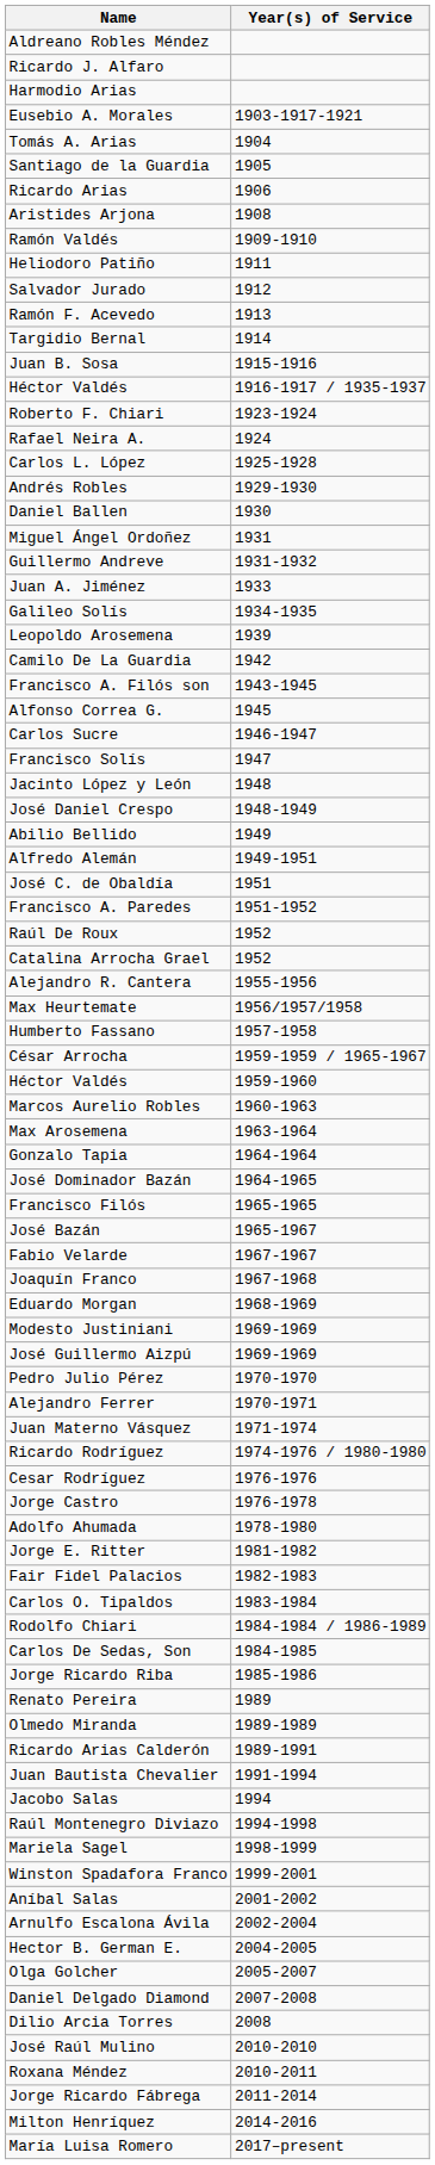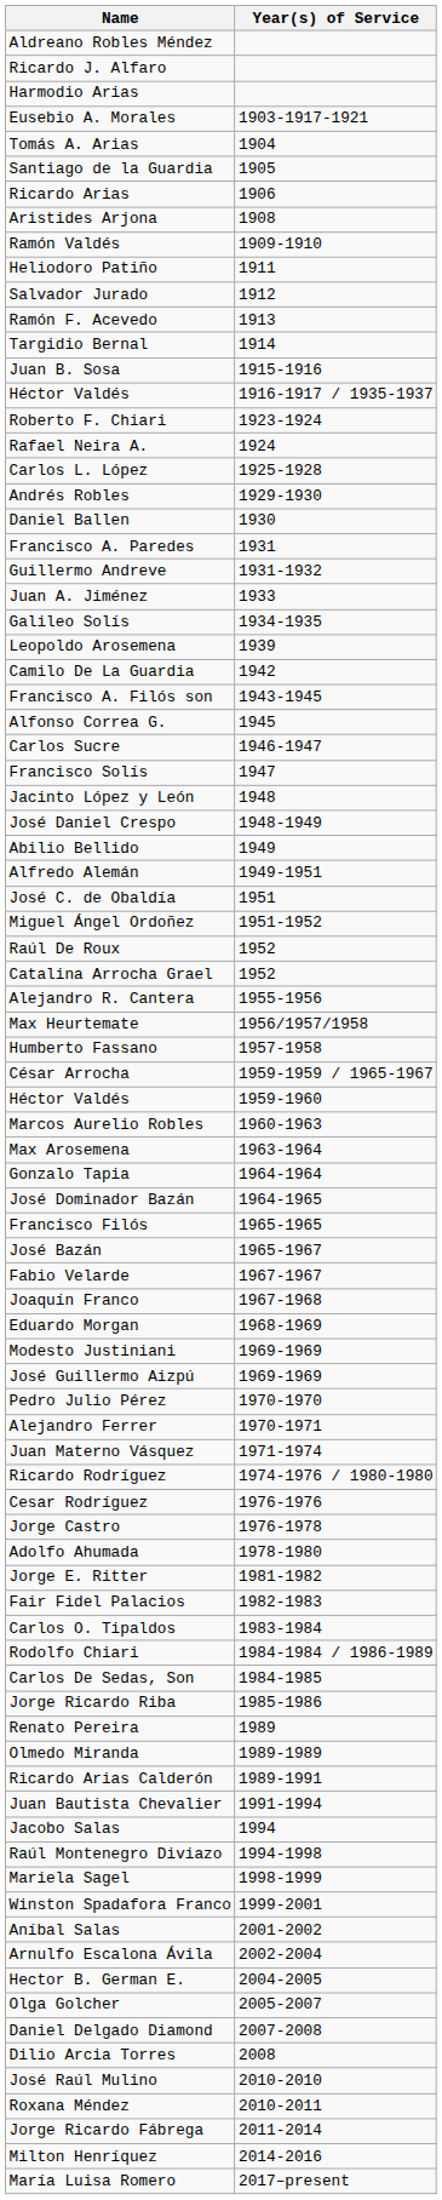 <table class="wikitable">
 <tr>
 <th>Name</th>
 <th>Year(s) of Service</th>
 </tr>
 <tr>
 <td>Aldreano Robles Méndez</td>
 <td></td>
 </tr>
 <tr>
 <td>Ricardo J. Alfaro</td>
 <td></td>
 </tr>
 <tr>
 <td>Harmodio Arias</td>
 <td></td>
 </tr>
 <tr>
 <td>Eusebio A. Morales</td>
 <td>1903-1917-1921</td>
 </tr>
 <tr>
 <td>Tomás A. Arias</td>
 <td>1904</td>
 </tr>
 <tr>
 <td>Santiago de la Guardia</td>
 <td>1905</td>
 </tr>
 <tr>
 <td>Ricardo Arias</td>
 <td>1906</td>
 </tr>
 <tr>
 <td>Aristides Arjona</td>
 <td>1908</td>
 </tr>
 <tr>
 <td>Ramón Valdés</td>
 <td>1909-1910</td>
 </tr>
 <tr>
 <td>Heliodoro Patiño</td>
 <td>1911</td>
 </tr>
 <tr>
 <td>Salvador Jurado</td>
 <td>1912</td>
 </tr>
 <tr>
 <td>Ramón F. Acevedo</td>
 <td>1913</td>
 </tr>
 <tr>
 <td>Targidio Bernal</td>
 <td>1914</td>
 </tr>
 <tr>
 <td>Juan B. Sosa</td>
 <td>1915-1916</td>
 </tr>
 <tr>
 <td>Héctor Valdés</td>
 <td>1916-1917 / 1935-1937</td>
 </tr>
 <tr>
 <td>Roberto F. Chiari</td>
 <td>1923-1924</td>
 </tr>
 <tr>
 <td>Rafael Neira A.</td>
 <td>1924</td>
 </tr>
 <tr>
 <td>Carlos L. López</td>
 <td>1925-1928</td>
 </tr>
 <tr>
 <td>Andrés Robles</td>
 <td>1929-1930</td>
 </tr>
 <tr>
 <td>Daniel Ballen</td>
 <td>1930</td>
 </tr>
 <tr>
-<td>Miguel Ángel Ordoñez</td>
+<td>Francisco A. Paredes</td>
 <td>1931</td>
 </tr>
 <tr>
 <td>Guillermo Andreve</td>
 <td>1931-1932</td>
 </tr>
 <tr>
 <td>Juan A. Jiménez</td>
 <td>1933</td>
 </tr>
 <tr>
 <td>Galileo Solís</td>
 <td>1934-1935</td>
 </tr>
 <tr>
 <td>Leopoldo Arosemena</td>
 <td>1939</td>
 </tr>
 <tr>
 <td>Camilo De La Guardia</td>
 <td>1942</td>
 </tr>
 <tr>
 <td>Francisco A. Filós son</td>
 <td>1943-1945</td>
 </tr>
 <tr>
 <td>Alfonso Correa G.</td>
 <td>1945</td>
 </tr>
 <tr>
 <td>Carlos Sucre</td>
 <td>1946-1947</td>
 </tr>
 <tr>
 <td>Francisco Solís</td>
 <td>1947</td>
 </tr>
 <tr>
 <td>Jacinto López y León</td>
 <td>1948</td>
 </tr>
 <tr>
 <td>José Daniel Crespo</td>
 <td>1948-1949</td>
 </tr>
 <tr>
 <td>Abilio Bellido</td>
 <td>1949</td>
 </tr>
 <tr>
 <td>Alfredo Alemán</td>
 <td>1949-1951</td>
 </tr>
 <tr>
 <td>José C. de Obaldía</td>
 <td>1951</td>
 </tr>
 <tr>
-<td>Francisco A. Paredes</td>
+<td>Miguel Ángel Ordoñez</td>
 <td>1951-1952</td>
 </tr>
 <tr>
 <td>Raúl De Roux</td>
 <td>1952</td>
 </tr>
 <tr>
 <td>Catalina Arrocha Grael</td>
 <td>1952</td>
 </tr>
 <tr>
 <td>Alejandro R. Cantera</td>
 <td>1955-1956</td>
 </tr>
 <tr>
 <td>Max Heurtemate</td>
 <td>1956/1957/1958</td>
 </tr>
 <tr>
 <td>Humberto Fassano</td>
 <td>1957-1958</td>
 </tr>
 <tr>
 <td>César Arrocha</td>
 <td>1959-1959 / 1965-1967</td>
 </tr>
 <tr>
 <td>Héctor Valdés</td>
 <td>1959-1960</td>
 </tr>
 <tr>
 <td>Marcos Aurelio Robles</td>
 <td>1960-1963</td>
 </tr>
 <tr>
 <td>Max Arosemena</td>
 <td>1963-1964</td>
 </tr>
 <tr>
 <td>Gonzalo Tapia</td>
 <td>1964-1964</td>
 </tr>
 <tr>
 <td>José Dominador Bazán</td>
 <td>1964-1965</td>
 </tr>
 <tr>
 <td>Francisco Filós</td>
 <td>1965-1965</td>
 </tr>
 <tr>
 <td>José Bazán</td>
 <td>1965-1967</td>
 </tr>
 <tr>
 <td>Fabio Velarde</td>
 <td>1967-1967</td>
 </tr>
 <tr>
 <td>Joaquín Franco</td>
 <td>1967-1968</td>
 </tr>
 <tr>
 <td>Eduardo Morgan</td>
 <td>1968-1969</td>
 </tr>
 <tr>
 <td>Modesto Justiniani</td>
 <td>1969-1969</td>
 </tr>
 <tr>
 <td>José Guillermo Aizpú</td>
 <td>1969-1969</td>
 </tr>
 <tr>
 <td>Pedro Julio Pérez</td>
 <td>1970-1970</td>
 </tr>
 <tr>
 <td>Alejandro Ferrer</td>
 <td>1970-1971</td>
 </tr>
 <tr>
 <td>Juan Materno Vásquez</td>
 <td>1971-1974</td>
 </tr>
 <tr>
 <td>Ricardo Rodríguez</td>
 <td>1974-1976 / 1980-1980</td>
 </tr>
 <tr>
 <td>Cesar Rodríguez</td>
 <td>1976-1976</td>
 </tr>
 <tr>
 <td>Jorge Castro</td>
 <td>1976-1978</td>
 </tr>
 <tr>
 <td>Adolfo Ahumada</td>
 <td>1978-1980</td>
 </tr>
 <tr>
 <td>Jorge E. Ritter</td>
 <td>1981-1982</td>
 </tr>
 <tr>
 <td>Fair Fidel Palacios</td>
 <td>1982-1983</td>
 </tr>
 <tr>
 <td>Carlos O. Tipaldos</td>
 <td>1983-1984</td>
 </tr>
 <tr>
 <td>Rodolfo Chiari</td>
 <td>1984-1984 / 1986-1989</td>
 </tr>
 <tr>
 <td>Carlos De Sedas, Son</td>
 <td>1984-1985</td>
 </tr>
 <tr>
 <td>Jorge Ricardo Riba</td>
 <td>1985-1986</td>
 </tr>
 <tr>
 <td>Renato Pereira</td>
 <td>1989</td>
 </tr>
 <tr>
 <td>Olmedo Miranda</td>
 <td>1989-1989</td>
 </tr>
 <tr>
 <td>Ricardo Arias Calderón</td>
 <td>1989-1991</td>
 </tr>
 <tr>
 <td>Juan Bautista Chevalier</td>
 <td>1991-1994</td>
 </tr>
 <tr>
 <td>Jacobo Salas</td>
 <td>1994</td>
 </tr>
 <tr>
 <td>Raúl Montenegro Diviazo</td>
 <td>1994-1998</td>
 </tr>
 <tr>
 <td>Mariela Sagel</td>
 <td>1998-1999</td>
 </tr>
 <tr>
 <td>Winston Spadafora Franco</td>
 <td>1999-2001</td>
 </tr>
 <tr>
 <td>Aníbal Salas</td>
 <td>2001-2002</td>
 </tr>
 <tr>
 <td>Arnulfo Escalona Ávila</td>
 <td>2002-2004</td>
 </tr>
 <tr>
 <td>Hector B. German E.</td>
 <td>2004-2005</td>
 </tr>
 <tr>
 <td>Olga Golcher</td>
 <td>2005-2007</td>
 </tr>
 <tr>
 <td>Daniel Delgado Diamond</td>
 <td>2007-2008</td>
 </tr>
 <tr>
 <td>Dilio Arcia Torres</td>
 <td>2008</td>
 </tr>
 <tr>
 <td>José Raúl Mulino</td>
 <td>2010-2010</td>
 </tr>
 <tr>
 <td>Roxana Méndez</td>
 <td>2010-2011</td>
 </tr>
 <tr>
 <td>Jorge Ricardo Fábrega</td>
 <td>2011-2014</td>
 </tr>
 <tr>
 <td>Milton Henríquez</td>
 <td>2014-2016</td>
 </tr>
 <tr>
 <td>María Luisa Romero</td>
 <td>2017–present</td>
 </tr>
 </table>
